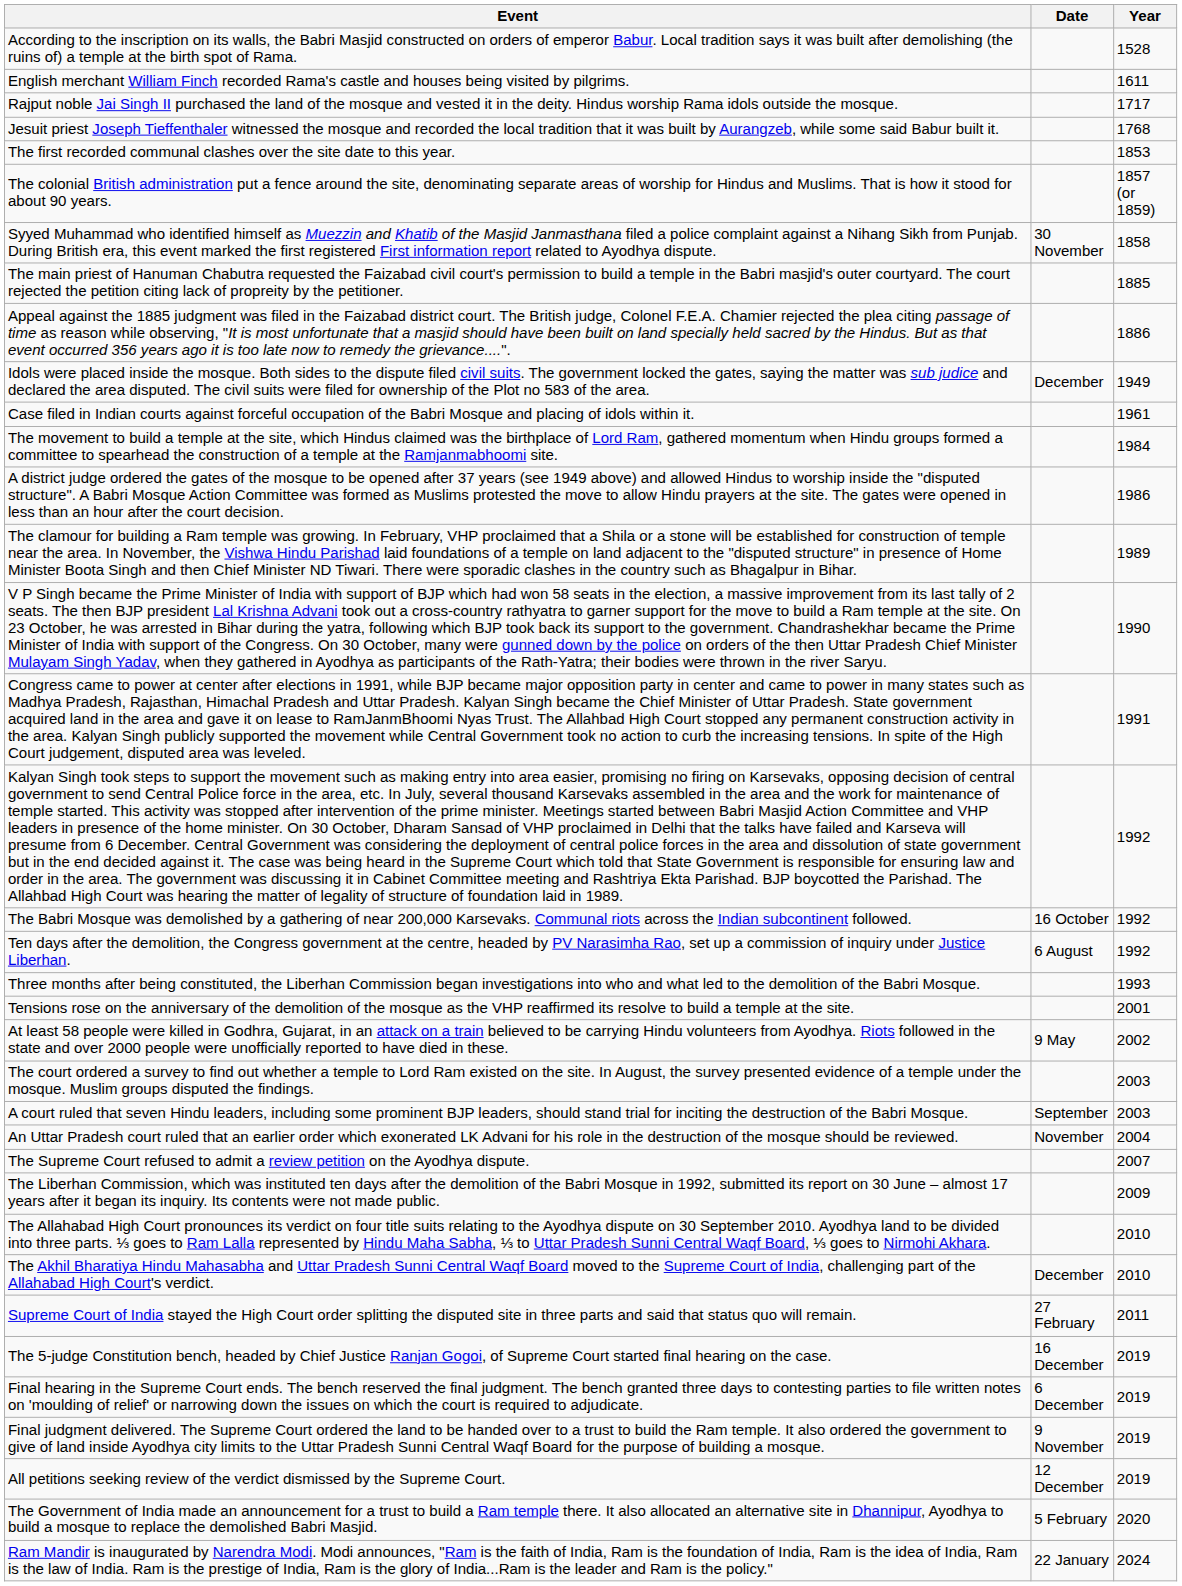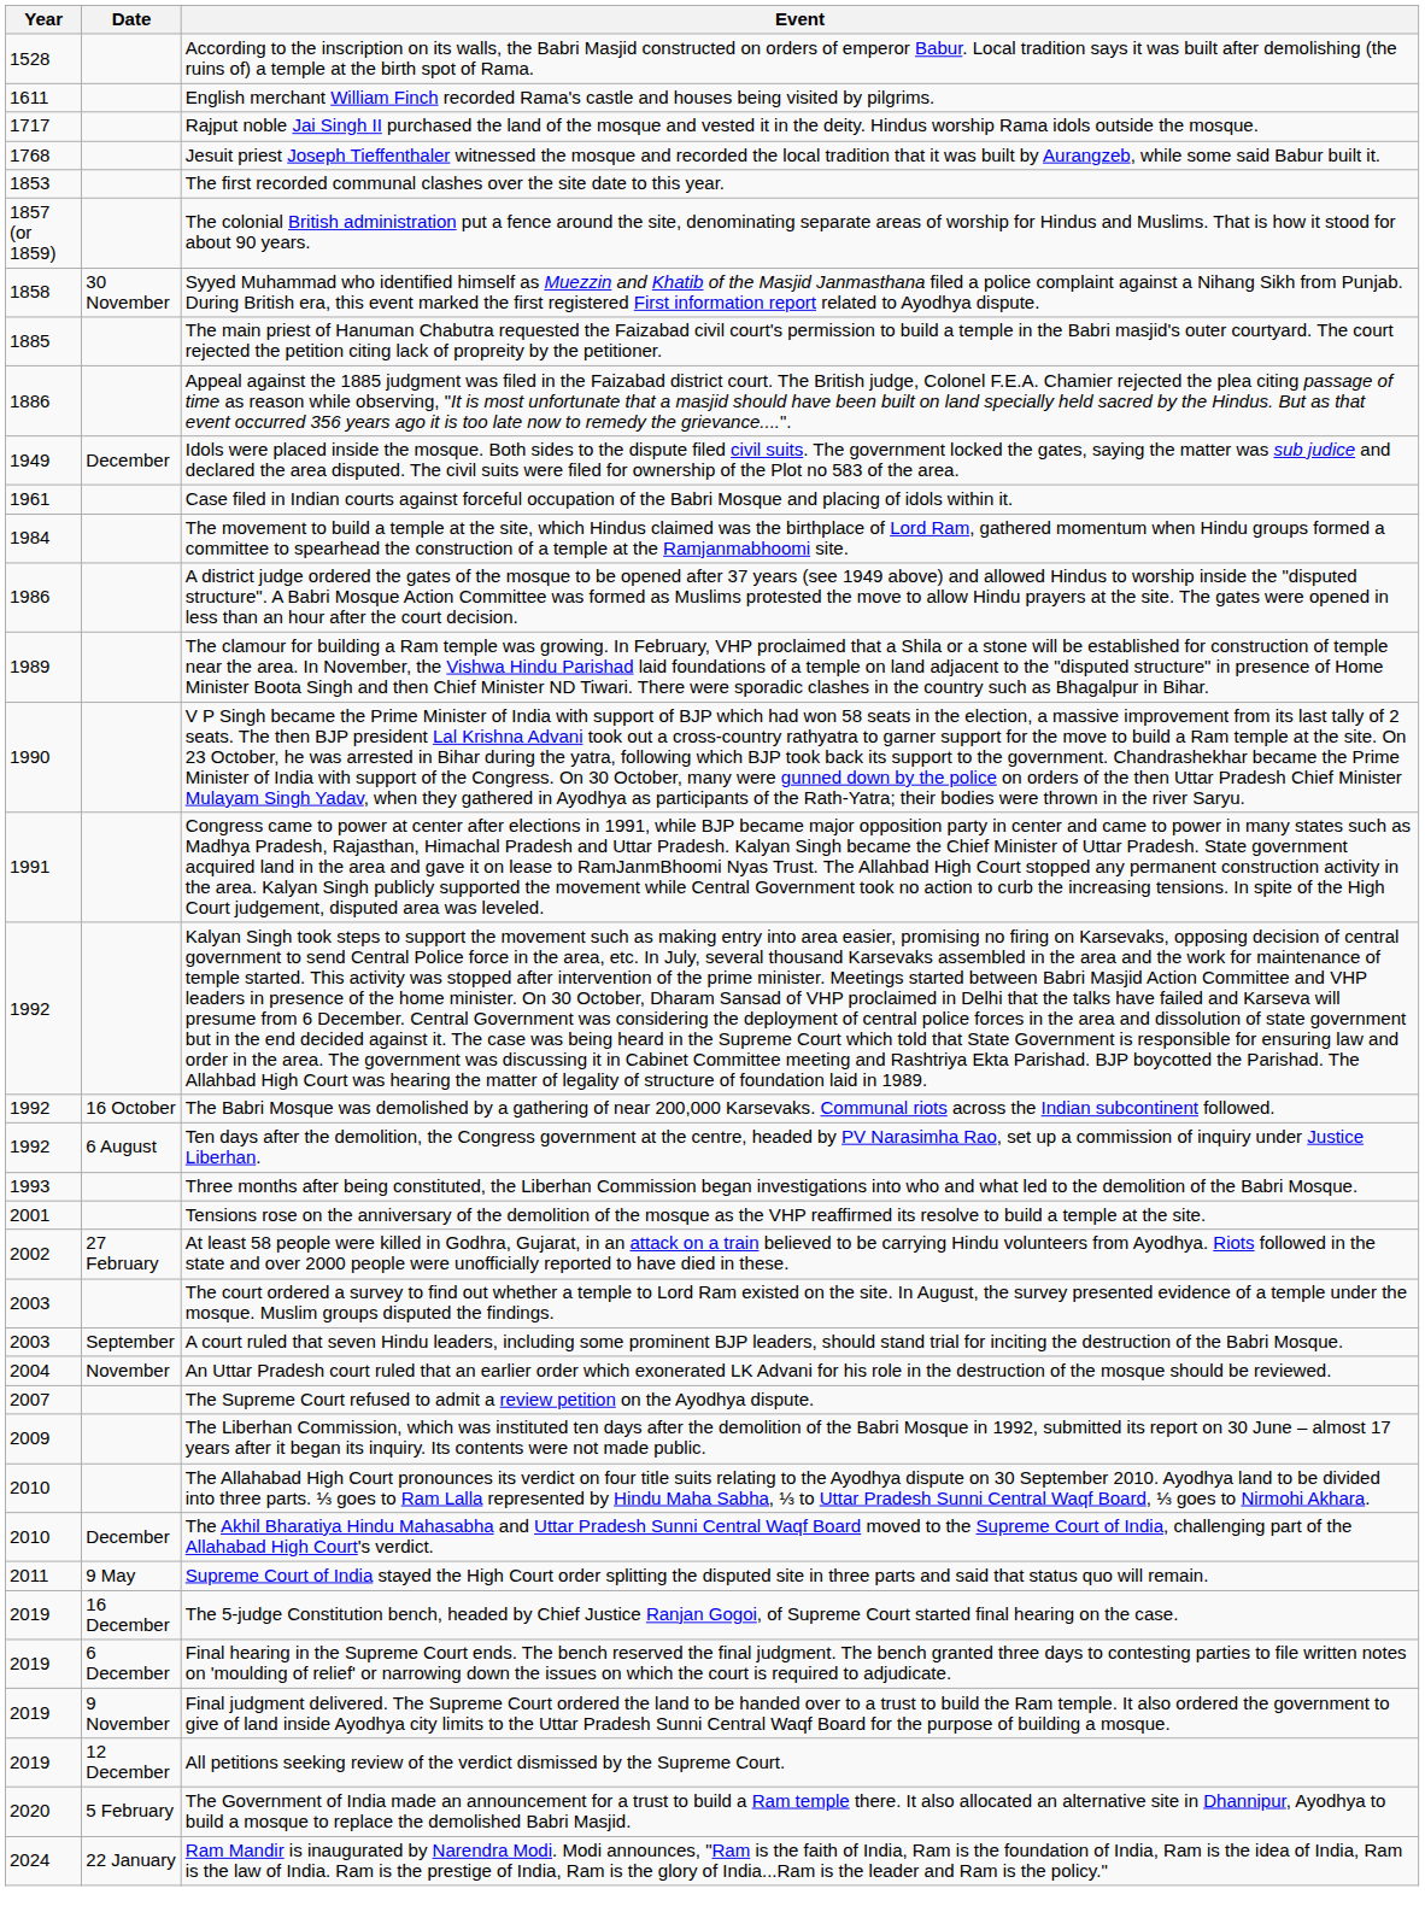 <table class="wikitable">
 <tr>
+<th width="60">Year</th>
+<th>Date</th>
 <th>Event</th>
-<th>Date</th>
-<th width="60">Year</th>
 </tr>
 <tr>
+<td>1528</td>
+<td></td>
 <td>According to the inscription on its walls, the Babri Masjid constructed on orders of emperor <a href='#'>Babur</a>.  Local tradition says it was built after demolishing (the ruins of) a temple at the birth spot of Rama.</td>
-<td></td>
-<td>1528</td>
 </tr>
 <tr>
+<td>1611</td>
+<td></td>
 <td>English merchant <a href='#'>William Finch</a> recorded Rama's castle and houses being visited by pilgrims.</td>
-<td></td>
-<td>1611</td>
 </tr>
 <tr>
+<td>1717</td>
+<td></td>
 <td>Rajput noble <a href='#'>Jai Singh II</a> purchased the land of the mosque and vested it in the deity. Hindus worship Rama idols outside the mosque.</td>
-<td></td>
-<td>1717</td>
 </tr>
 <tr>
+<td>1768</td>
+<td></td>
 <td>Jesuit priest <a href='#'>Joseph Tieffenthaler</a> witnessed the mosque and recorded the local tradition that it was built by <a href='#'>Aurangzeb</a>, while some said Babur built it.</td>
-<td></td>
-<td>1768</td>
 </tr>
 <tr>
+<td>1853</td>
+<td></td>
 <td>The first recorded communal clashes over the site date to this year.</td>
-<td></td>
-<td>1853</td>
 </tr>
 <tr>
+<td>1857 <br>(or 1859)</td>
+<td></td>
 <td>The colonial <a href='#'>British administration</a> put a fence around the site, denominating separate areas of worship for Hindus and Muslims. That is how it stood for about 90 years.</td>
-<td></td>
-<td>1857 <br>(or 1859)</td>
 </tr>
 <tr>
+<td>1858</td>
+<td>30 November</td>
 <td>Syyed Muhammad who identified himself as <em><a href='#'>Muezzin</a> and <a href='#'>Khatib</a> of the Masjid Janmasthana</em> filed a police complaint against a Nihang Sikh from Punjab. During British era, this event marked the first registered <a href='#'>First information report</a> related to Ayodhya dispute.</td>
-<td>30 November</td>
-<td>1858</td>
 </tr>
 <tr>
+<td>1885</td>
+<td></td>
 <td>The main priest of Hanuman Chabutra requested the Faizabad civil court's permission to build a temple in the Babri masjid's outer courtyard. The court rejected the petition citing lack of propreity by the petitioner.</td>
-<td></td>
-<td>1885</td>
 </tr>
 <tr>
+<td>1886</td>
+<td></td>
 <td>Appeal against the 1885 judgment was filed in the Faizabad district court. The British judge, Colonel F.E.A. Chamier rejected the plea citing <em>passage of time</em> as reason while observing, "<em>It is most unfortunate that a masjid should have been built on land specially held sacred by the Hindus. But as that event occurred 356 years ago it is too late now to remedy the grievance....</em>".</td>
-<td></td>
-<td>1886</td>
 </tr>
 <tr>
+<td>1949</td>
+<td>December</td>
 <td>Idols were placed inside the mosque. Both sides to the dispute filed <a href='#'>civil suits</a>. The government locked the gates, saying the matter was <em><a href='#'>sub judice</a></em> and declared the area disputed. The civil suits were filed for ownership of the Plot no 583 of the area.</td>
-<td>December</td>
-<td>1949</td>
 </tr>
 <tr>
+<td>1961</td>
+<td></td>
 <td>Case filed in Indian courts against forceful occupation of the Babri Mosque and placing of idols within it.</td>
-<td></td>
-<td>1961</td>
 </tr>
 <tr>
+<td>1984</td>
+<td></td>
 <td>The movement to build a temple at the site, which Hindus claimed was the birthplace of <a href='#'>Lord Ram</a>, gathered momentum when Hindu groups formed a committee to spearhead the construction of a temple at the <a href='#'>Ramjanmabhoomi</a> site.</td>
-<td></td>
-<td>1984</td>
 </tr>
 <tr>
+<td>1986</td>
+<td></td>
 <td>A district judge ordered the gates of the mosque to be opened after 37 years (see 1949 above) and allowed Hindus to worship inside the "disputed structure". A Babri Mosque Action Committee was formed as Muslims protested the move to allow Hindu prayers at the site. The gates were opened in less than an hour after the court decision.</td>
-<td></td>
-<td>1986</td>
 </tr>
 <tr>
+<td>1989</td>
+<td></td>
 <td>The clamour for building a Ram temple was growing. In February, VHP proclaimed that a Shila or a stone will be established for construction of temple near the area. In November, the <a href='#'>Vishwa Hindu Parishad</a> laid foundations of a temple on land adjacent to the "disputed structure" in presence of Home Minister Boota Singh and then Chief Minister ND Tiwari. There were sporadic clashes in the country such as Bhagalpur in Bihar.</td>
-<td></td>
-<td>1989</td>
 </tr>
 <tr>
+<td>1990</td>
+<td></td>
 <td>V P Singh became the Prime Minister of India with support of BJP which had won 58 seats in the election, a massive improvement from its last tally of 2 seats. The then BJP president <a href='#'>Lal Krishna Advani</a> took out a cross-country rathyatra to garner support for the move to build a Ram temple at the site. On 23 October, he was arrested in Bihar during the yatra, following which BJP took back its support to the government. Chandrashekhar became the Prime Minister of India with support of the Congress. On 30 October, many were <a href='#'>gunned down by the police</a> on orders of the then Uttar Pradesh Chief Minister <a href='#'>Mulayam Singh Yadav</a>, when they gathered in Ayodhya as participants of the Rath-Yatra; their bodies were thrown in the river Saryu.</td>
-<td></td>
-<td>1990</td>
 </tr>
 <tr>
+<td>1991</td>
+<td></td>
 <td>Congress came to power at center after elections in 1991, while BJP became major opposition party in center and came to power in many states such as Madhya Pradesh, Rajasthan, Himachal Pradesh and Uttar Pradesh. Kalyan Singh became the Chief Minister of Uttar Pradesh. State government acquired  land in the area and gave it on lease to RamJanmBhoomi Nyas Trust. The Allahbad High Court stopped any permanent construction activity in the area. Kalyan Singh publicly supported the movement while Central Government took no action to curb the increasing tensions. In spite of the High Court judgement, disputed area was leveled.</td>
-<td></td>
-<td>1991</td>
 </tr>
 <tr>
+<td>1992</td>
+<td></td>
 <td>Kalyan Singh took steps to support the movement such as making entry into area easier, promising no firing on Karsevaks, opposing decision of central government to send Central Police force in the area, etc. In July, several thousand Karsevaks assembled in the area and the work for maintenance of temple started. This activity was stopped after intervention of the prime minister. Meetings started between Babri Masjid Action Committee and VHP leaders in presence of the home minister. On 30 October, Dharam Sansad of VHP proclaimed in Delhi that the talks have failed and Karseva will presume from 6 December. Central Government was considering the deployment of central police forces in the area and dissolution of state government but in the end decided against it. The case was being heard in the Supreme Court which told that State Government is responsible for ensuring law and order in the area. The government was discussing it in Cabinet Committee meeting and Rashtriya Ekta Parishad. BJP boycotted the Parishad. The Allahbad High Court was hearing the matter of legality of structure of foundation laid in 1989.</td>
-<td></td>
-<td>1992</td>
 </tr>
 <tr>
+<td>1992</td>
+<td>16 October</td>
 <td>The Babri Mosque was demolished by a gathering of near 200,000 Karsevaks. <a href='#'>Communal riots</a> across the <a href='#'>Indian subcontinent</a> followed.</td>
-<td>16 October</td>
-<td>1992</td>
 </tr>
 <tr>
+<td>1992</td>
+<td>6 August</td>
 <td>Ten days after the demolition, the Congress government at the centre, headed by <a href='#'>PV Narasimha Rao</a>, set up a commission of inquiry under <a href='#'>Justice Liberhan</a>.</td>
-<td>6 August</td>
-<td>1992</td>
 </tr>
 <tr>
+<td>1993</td>
+<td></td>
 <td>Three months after being constituted, the Liberhan Commission began investigations into who and what led to the demolition of the Babri Mosque.</td>
-<td></td>
-<td>1993</td>
 </tr>
 <tr>
+<td>2001</td>
+<td></td>
 <td>Tensions rose on the anniversary of the demolition of the mosque as the VHP reaffirmed its resolve to build a temple at the site.</td>
-<td></td>
-<td>2001</td>
 </tr>
 <tr>
+<td>2002</td>
+<td>27 February</td>
 <td>At least 58 people were killed in Godhra, Gujarat, in an <a href='#'>attack on a train</a> believed to be carrying Hindu volunteers from Ayodhya. <a href='#'>Riots</a> followed in the state and over 2000 people were unofficially reported to have died in these.</td>
-<td>9 May</td>
-<td>2002</td>
 </tr>
 <tr>
+<td>2003</td>
+<td></td>
 <td>The court ordered a survey to find out whether a temple to Lord Ram existed on the site. In August, the survey presented evidence of a temple under the mosque. Muslim groups disputed the findings.</td>
-<td></td>
-<td>2003</td>
 </tr>
 <tr>
+<td>2003</td>
+<td>September</td>
 <td>A court ruled that seven Hindu leaders, including some prominent BJP leaders, should stand trial for inciting the destruction of the Babri Mosque.</td>
-<td>September</td>
-<td>2003</td>
 </tr>
 <tr>
+<td>2004</td>
+<td>November</td>
 <td>An Uttar Pradesh court ruled that an earlier order which exonerated LK Advani for his role in the destruction of the mosque should be reviewed.</td>
-<td>November</td>
-<td>2004</td>
 </tr>
 <tr>
+<td>2007</td>
+<td></td>
 <td>The Supreme Court refused to admit a <a href='#'>review petition</a> on the Ayodhya dispute.</td>
-<td></td>
-<td>2007</td>
 </tr>
 <tr>
+<td>2009</td>
+<td></td>
 <td>The Liberhan Commission, which was instituted ten days after the demolition of the Babri Mosque in 1992, submitted its report on 30 June – almost 17 years after it began its inquiry. Its contents were not made public.</td>
-<td></td>
-<td>2009</td>
 </tr>
 <tr>
+<td>2010</td>
+<td></td>
 <td>The Allahabad High Court pronounces its verdict on four title suits relating to the Ayodhya dispute on 30 September 2010. Ayodhya land to be divided into three parts. ⅓ goes to <a href='#'>Ram Lalla</a> represented by <a href='#'>Hindu Maha Sabha</a>, ⅓ to <a href='#'>Uttar Pradesh Sunni Central Waqf Board</a>, ⅓ goes to <a href='#'>Nirmohi Akhara</a>.</td>
-<td></td>
-<td>2010</td>
 </tr>
 <tr>
+<td>2010</td>
+<td>December</td>
 <td>The <a href='#'>Akhil Bharatiya Hindu Mahasabha</a> and <a href='#'>Uttar Pradesh Sunni Central Waqf Board</a> moved to the <a href='#'>Supreme Court of India</a>, challenging part of the <a href='#'>Allahabad High Court</a>'s verdict.</td>
-<td>December</td>
-<td>2010</td>
 </tr>
 <tr>
+<td>2011</td>
+<td>9 May</td>
 <td><a href='#'>Supreme Court of India</a> stayed the High Court order splitting the disputed site in three parts and said that status quo will remain.</td>
-<td>27 February</td>
-<td>2011</td>
 </tr>
 <tr 16 October>
+<td>2019</td>
+<td>16 December</td>
 <td>The 5-judge Constitution bench, headed by Chief Justice <a href='#'>Ranjan Gogoi</a>, of Supreme Court started final hearing on the case.</td>
-<td>16 December</td>
-<td>2019</td>
 </tr>
 <tr>
+<td>2019</td>
+<td>6 December</td>
 <td>Final hearing in the Supreme Court ends. The bench reserved the final judgment. The bench granted three days to contesting parties to file written notes on 'moulding of relief' or narrowing down the issues on which the court is required to adjudicate.</td>
-<td>6 December</td>
-<td>2019</td>
 </tr>
 <tr>
+<td>2019</td>
+<td>9 November</td>
 <td>Final judgment delivered. The Supreme Court ordered the land to be handed over to a trust to build the Ram temple. It also ordered the government to give  of land inside Ayodhya city limits to the Uttar Pradesh Sunni Central Waqf Board for the purpose of building a mosque.</td>
-<td>9 November</td>
-<td>2019</td>
 </tr>
 <tr>
+<td>2019</td>
+<td>12 December</td>
 <td>All petitions seeking review of the verdict dismissed by the Supreme Court.</td>
-<td>12 December</td>
-<td>2019</td>
 </tr>
 <tr>
+<td>2020</td>
+<td>5 February</td>
 <td>The Government of India made an announcement for a trust to build a <a href='#'>Ram temple</a> there. It also allocated an alternative site in <a href='#'>Dhannipur</a>, Ayodhya to build a mosque to replace the demolished Babri Masjid.</td>
-<td>5 February</td>
-<td>2020</td>
 </tr>
 <tr>
+<td>2024</td>
+<td>22 January</td>
 <td><a href='#'>Ram Mandir</a> is inaugurated by <a href='#'>Narendra Modi</a>. Modi announces, "<a href='#'>Ram</a> is the faith of India, Ram is the foundation of India, Ram is the idea of India, Ram is the law of India. Ram is the prestige of India, Ram is the glory of India...Ram is the leader and Ram is the policy."</td>
-<td>22 January</td>
-<td>2024</td>
 </tr>
 </table>
